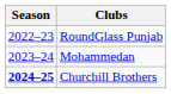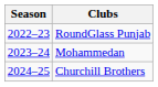 <table class="wikitable" style="text-align:left;">
 <tr>
 <th>Season</th>
 <th>Clubs</th>
 </tr>
 <tr>
 <td align="center"><a href='#'>2022–23</a></td>
 <td><a href='#'>RoundGlass Punjab</a></td>
 </tr>
 <tr>
 <td><a href='#'>2023–24</a></td>
 <td><a href='#'>Mohammedan</a></td>
 </tr>
 <tr>
-<td><strong><a href='#'>2024–25</a></strong></td>
+<td><a href='#'>2024–25</a></td>
 <td><a href='#'>Churchill Brothers</a></td>
 </tr>
 </table>
